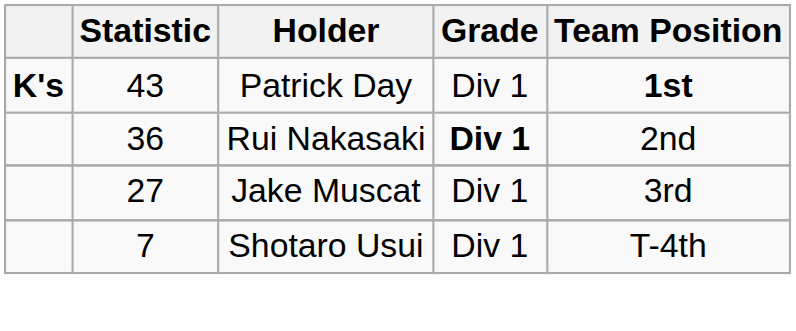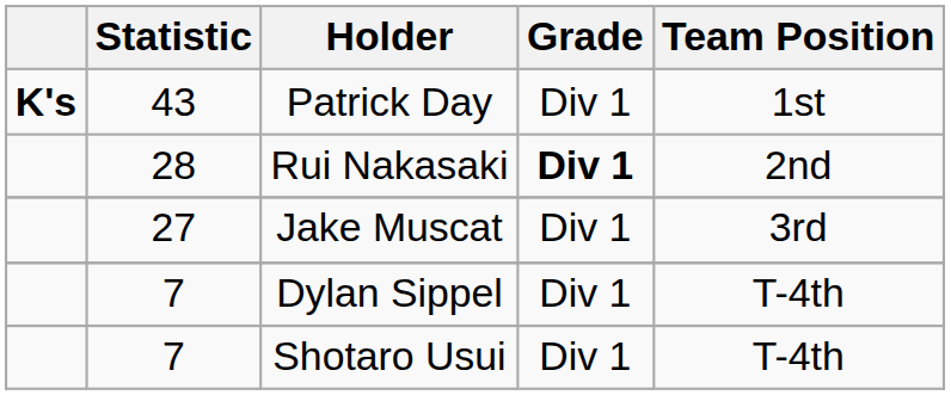 <table class="wikitable" style="text-align: center; mPERin: 0 auto;">
 <tr>
 <th></th>
 <th>Statistic</th>
 <th>Holder</th>
 <th>Grade</th>
 <th>Team Position</th>
 </tr>
 <tr>
 <td><strong>K's</strong></td>
 <td>43</td>
 <td>Patrick Day</td>
 <td>Div 1</td>
-<td><strong>1st</strong></td>
+<td>1st</td>
 </tr>
 <tr>
 <td></td>
-<td>36</td>
+<td>28</td>
 <td>Rui Nakasaki</td>
 <td><strong>Div 1</strong></td>
 <td>2nd</td>
 </tr>
 <tr>
 </tr>
 <tr>
 <td></td>
 <td>27</td>
 <td>Jake Muscat</td>
 <td>Div 1</td>
 <td>3rd</td>
 </tr>
 <tr>
 </tr>
 <tr>
+<td></td>
+<td>7</td>
+<td>Dylan Sippel</td>
+<td>Div 1</td>
+<td>T-4th</td>
+</tr>
+<tr>
 </tr>
 <tr>
 <td></td>
 <td>7</td>
 <td>Shotaro Usui</td>
 <td>Div 1</td>
 <td>T-4th</td>
 </tr>
 </table>
